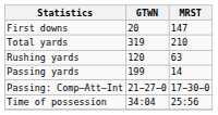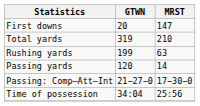 <table class="wikitable" style="float: left;">
 <tr>
 <th>Statistics</th>
 <th>GTWN</th>
 <th>MRST</th>
 </tr>
 <tr>
 <td>First downs</td>
 <td>20</td>
 <td>147</td>
 </tr>
 <tr>
 <td>Total yards</td>
 <td>319</td>
 <td>210</td>
 </tr>
 <tr>
 <td>Rushing yards</td>
-<td>120</td>
+<td>199</td>
 <td>63</td>
 </tr>
 <tr>
 <td>Passing yards</td>
-<td>199</td>
+<td>120</td>
 <td>14</td>
 </tr>
 <tr>
 <td>Passing: Comp–Att–Int</td>
 <td>21−27−0</td>
 <td>17−30−0</td>
 </tr>
 <tr>
 <td>Time of possession</td>
 <td>34:04</td>
 <td>25:56</td>
 </tr>
 <tr>
 </tr>
 </table>
